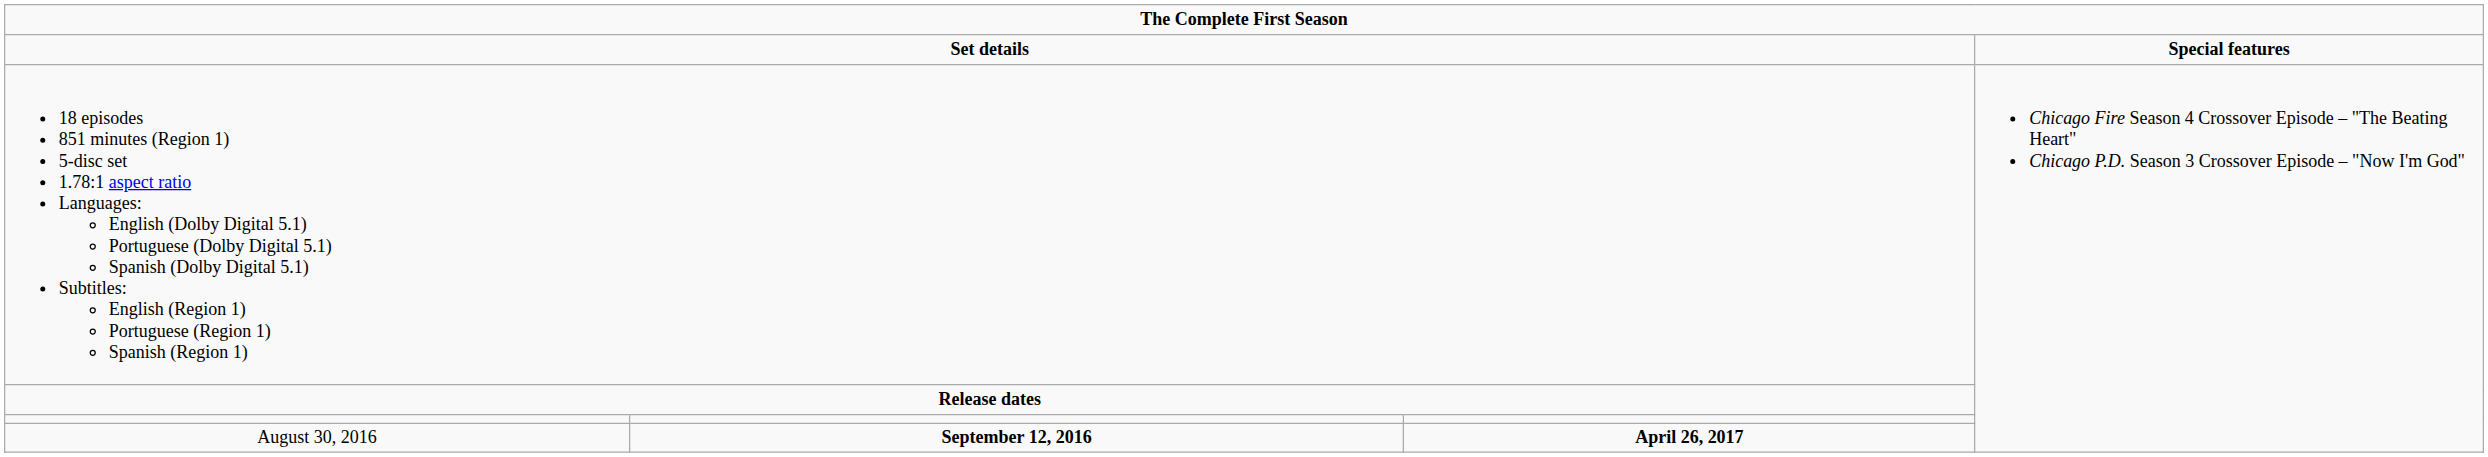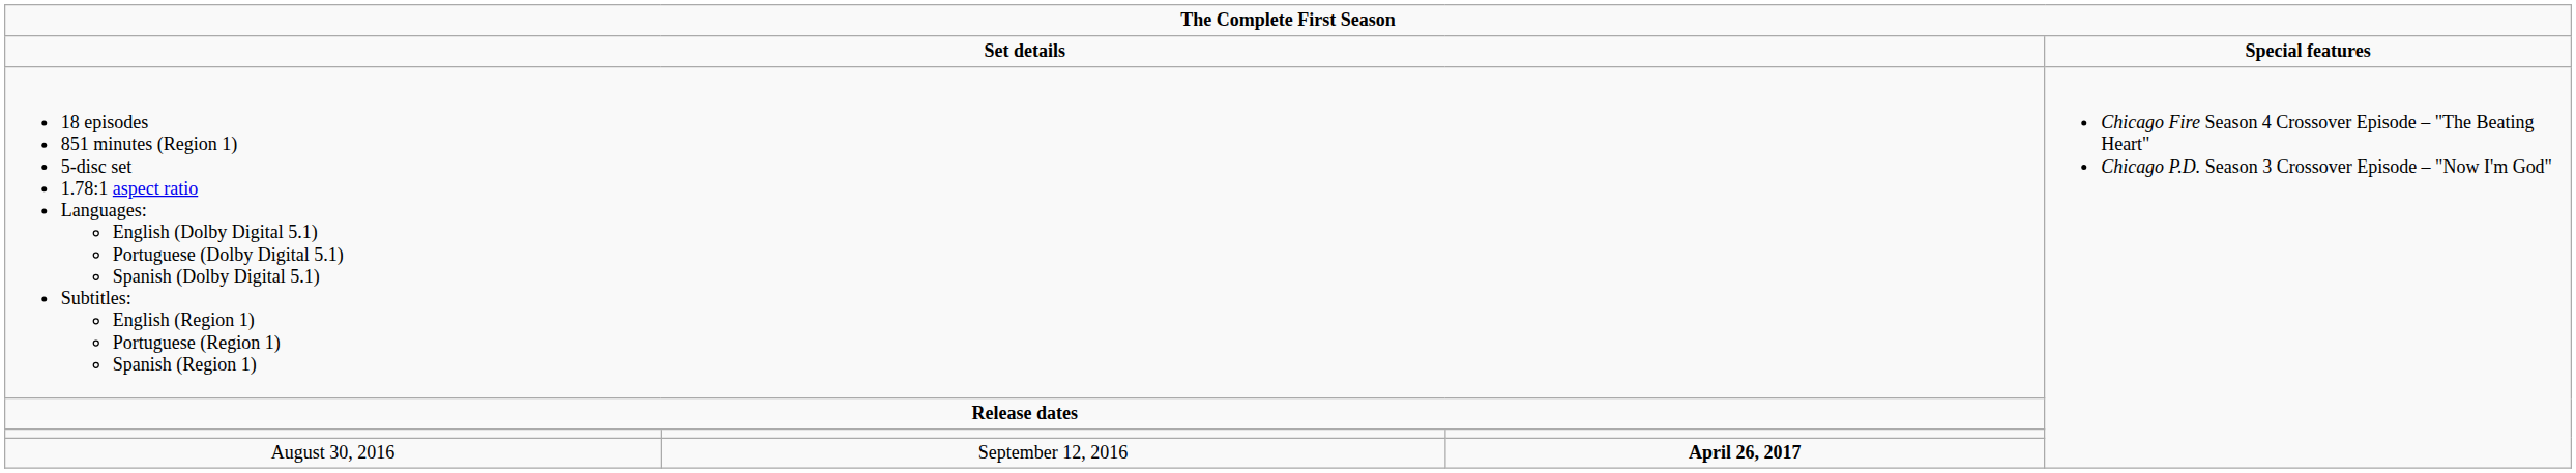 <table class="wikitable plainrowheaders" style="font-size:90%; text-align:center; width: 100%; margin-left: auto; margin-right: auto;">
 <tr>
 <td colspan="6"><strong>The Complete First Season</strong></td>
 </tr>
 <tr>
 <td align="center" width="300" colspan="3"><strong>Set details</strong></td>
 <td width="400" align="center"><strong>Special features</strong></td>
 </tr>
 <tr valign="top">
 <td colspan="3" align="left" width="300"><br><ul><li>18 episodes</li><li>851 minutes (Region 1)</li><li>5-disc set</li><li>1.78:1 <a href='#'>aspect ratio</a></li><li>Languages:<ul><li>English (Dolby Digital 5.1)</li><li>Portuguese (Dolby Digital 5.1)</li><li>Spanish (Dolby Digital 5.1)</li></ul></li><li>Subtitles:<ul><li>English (Region 1)</li><li>Portuguese (Region 1)</li><li>Spanish (Region 1)</li></ul></li></ul></td>
 <td rowspan="4" align="left" width="400"><br><ul><li><em>Chicago Fire</em> Season 4 Crossover Episode – "The Beating Heart"</li><li><em>Chicago P.D.</em> Season 3 Crossover Episode – "Now I'm God"</li></ul></td>
 </tr>
 <tr>
 <td colspan="3" align="center"><strong>Release dates</strong></td>
 </tr>
 <tr>
 <td align="center"></td>
 <td align="center"></td>
 <td align="center"></td>
 </tr>
 <tr>
 <td align="center">August 30, 2016</td>
-<td align="center"><strong>September 12, 2016</strong></td>
+<td align="center">September 12, 2016</td>
 <td align="center"><strong>April 26, 2017</strong></td>
 </tr>
 </table>
